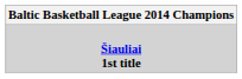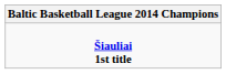 <table class=wikitable style="text-align:center; margin:auto">
 <tr>
 <th>Baltic Basketball League 2014 Champions</th>
 </tr>
 <tr>
-<td style="background: lightgrey;"><br> <strong><a href='#'>Šiauliai</a></strong> <br> <strong>1st title</strong></td>
+<td><br> <strong><a href='#'>Šiauliai</a></strong> <br> <strong>1st title</strong></td>
 </tr>
 </table>
